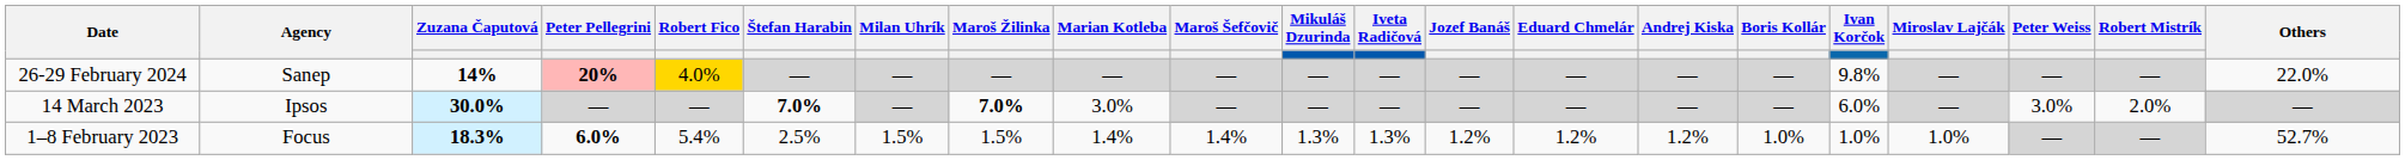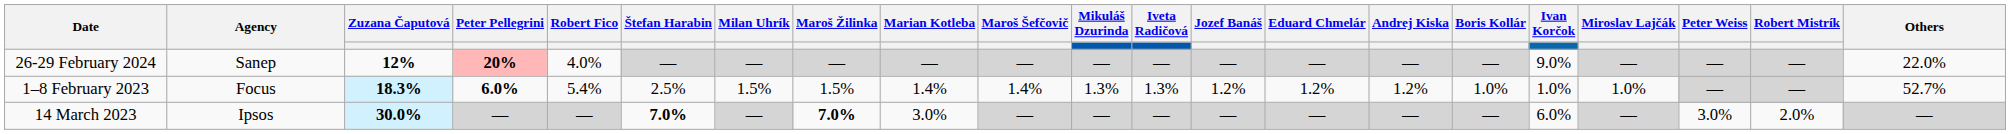 <table class="wikitable" style="text-align:center;">
 <tr style="font-size:80%;">
 <th style="width:150px;" rowspan="2">Date</th>
 <th style="width:165px;" rowspan="2">Agency</th>
 <th><a href='#'>Zuzana Čaputová</a></th>
 <th><a href='#'>Peter Pellegrini</a></th>
 <th><a href='#'>Robert Fico</a></th>
 <th><a href='#'>Štefan Harabin</a></th>
 <th><a href='#'>Milan Uhrík</a></th>
 <th><a href='#'>Maroš Žilinka</a></th>
 <th><a href='#'>Marian Kotleba</a></th>
 <th><a href='#'>Maroš Šefčovič</a></th>
 <th><a href='#'>Mikuláš Dzurinda</a></th>
 <th><a href='#'>Iveta Radičová</a></th>
 <th><a href='#'>Jozef Banáš</a></th>
 <th><a href='#'>Eduard Chmelár</a></th>
 <th><a href='#'>Andrej Kiska</a></th>
 <th><a href='#'>Boris Kollár</a></th>
 <th><a href='#'>Ivan Korčok</a></th>
 <th><a href='#'>Miroslav Lajčák</a></th>
 <th><a href='#'>Peter Weiss</a></th>
 <th><a href='#'>Robert Mistrík</a></th>
 <th style="width:150px;" rowspan="2">Others</th>
 </tr>
 <tr>
 <th style="background:"></th>
 <th style="background:"></th>
 <th style="background:"></th>
 <th style="background:"></th>
 <th style="background:"></th>
 <th style="background:"></th>
 <th style="background:"></th>
 <th style="background:"></th>
 <th style="background:#0057ac; width:40px;"></th>
 <th style="background:#0057ac; width:40px;"></th>
 <th style="background:"></th>
 <th style="background:"></th>
 <th style="background:"></th>
 <th style="background:"></th>
 <th style="background:#0968ac; width:40px;"></th>
 <th style="background:"></th>
 <th style="background:"></th>
 <th style="background:"></th>
 </tr>
 <tr>
 <td>26-29 February 2024</td>
 <td>Sanep</td>
-<td><strong>14%</strong></td>
+<td><strong>12%</strong></td>
 <td style="background:#FFB7B7;"><strong>20%</strong></td>
-<td style="background: gold;">4.0%</td>
+<td>4.0%</td>
 <td style="background:#D5D5D5">—</td>
 <td style="background:#D5D5D5">—</td>
 <td style="background:#D5D5D5">—</td>
 <td style="background:#D5D5D5">—</td>
 <td style="background:#D5D5D5">—</td>
 <td style="background:#D5D5D5">—</td>
 <td style="background:#D5D5D5">—</td>
 <td style="background:#D5D5D5">—</td>
 <td style="background:#D5D5D5">—</td>
 <td style="background:#D5D5D5">—</td>
 <td style="background:#D5D5D5">—</td>
-<td>9.8%</td>
+<td>9.0%</td>
 <td style="background:#D5D5D5">—</td>
 <td style="background:#D5D5D5">—</td>
 <td style="background:#D5D5D5">—</td>
 <td>22.0%</td>
+</tr>
+<tr>
+<td>1–8 February 2023</td>
+<td>Focus</td>
+<td style="background:#D1F1FF"><strong>18.3%</strong></td>
+<td><strong>6.0%</strong></td>
+<td>5.4%</td>
+<td>2.5%</td>
+<td>1.5%</td>
+<td>1.5%</td>
+<td>1.4%</td>
+<td>1.4%</td>
+<td>1.3%</td>
+<td>1.3%</td>
+<td>1.2%</td>
+<td>1.2%</td>
+<td>1.2%</td>
+<td>1.0%</td>
+<td>1.0%</td>
+<td>1.0%</td>
+<td style="background:#D5D5D5">—</td>
+<td style="background:#D5D5D5">—</td>
+<td>52.7%</td>
 </tr>
 <tr>
 <td>14 March 2023</td>
 <td>Ipsos</td>
 <td style="background:#D1F1FF"><strong>30.0%</strong></td>
 <td style="background:#D5D5D5">—</td>
 <td style="background:#D5D5D5">—</td>
 <td><strong>7.0%</strong></td>
 <td style="background:#D5D5D5">—</td>
 <td><strong>7.0%</strong></td>
 <td>3.0%</td>
 <td style="background:#D5D5D5">—</td>
 <td style="background:#D5D5D5">—</td>
 <td style="background:#D5D5D5">—</td>
 <td style="background:#D5D5D5">—</td>
 <td style="background:#D5D5D5">—</td>
 <td style="background:#D5D5D5">—</td>
 <td style="background:#D5D5D5">—</td>
 <td>6.0%</td>
 <td style="background:#D5D5D5">—</td>
 <td>3.0%</td>
 <td>2.0%</td>
 <td style="background:#D5D5D5">—</td>
 </tr>
-<tr>
-<td>1–8 February 2023</td>
-<td>Focus</td>
-<td style="background:#D1F1FF"><strong>18.3%</strong></td>
-<td><strong>6.0%</strong></td>
-<td>5.4%</td>
-<td>2.5%</td>
-<td>1.5%</td>
-<td>1.5%</td>
-<td>1.4%</td>
-<td>1.4%</td>
-<td>1.3%</td>
-<td>1.3%</td>
-<td>1.2%</td>
-<td>1.2%</td>
-<td>1.2%</td>
-<td>1.0%</td>
-<td>1.0%</td>
-<td>1.0%</td>
-<td style="background:#D5D5D5">—</td>
-<td style="background:#D5D5D5">—</td>
-<td>52.7%</td>
-</tr>
 </table>
